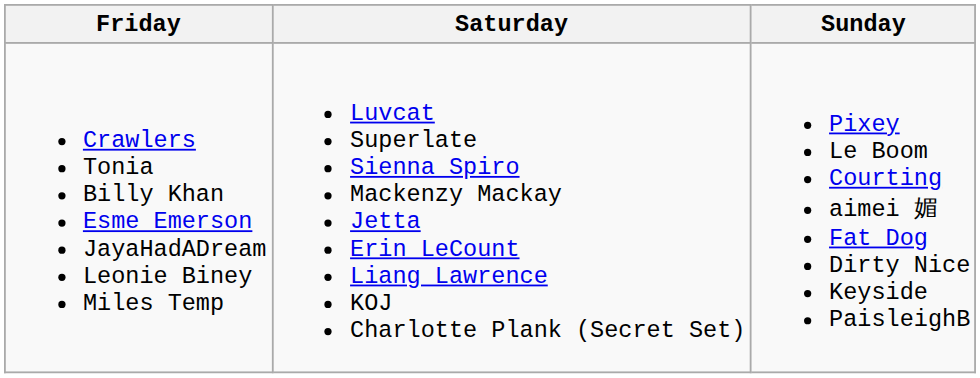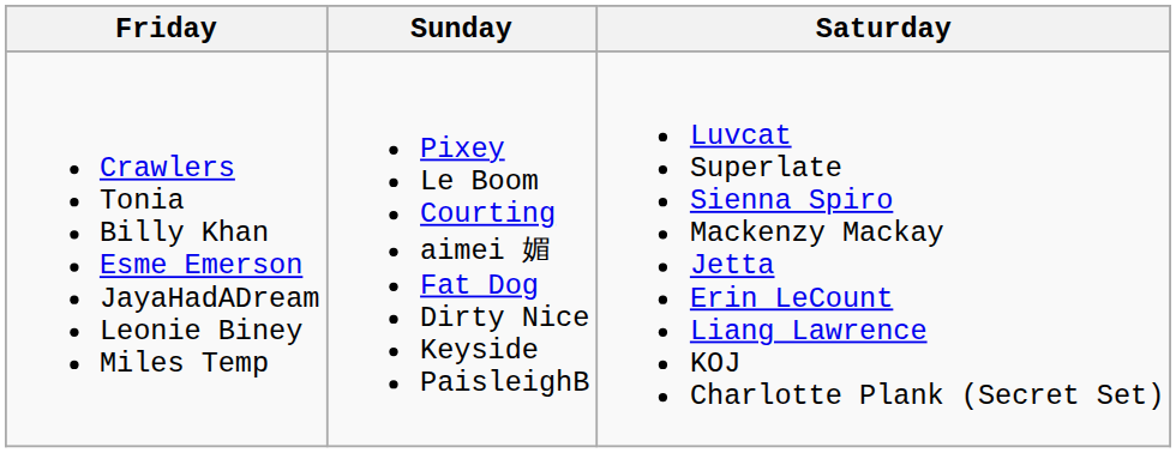 <table class="wikitable">
 <tr>
 <th>Friday</th>
+<th>Sunday</th>
 <th>Saturday</th>
-<th>Sunday</th>
 </tr>
 <tr>
 <td><br><ul><li><a href='#'>Crawlers</a></li><li>Tonia</li><li>Billy Khan</li><li><a href='#'>Esme Emerson</a></li><li>JayaHadADream</li><li>Leonie Biney</li><li>Miles Temp</li></ul></td>
+<td><br><ul><li><a href='#'>Pixey</a></li><li>Le Boom</li><li><a href='#'>Courting</a></li><li>aimei 媚</li><li><a href='#'>Fat Dog</a></li><li>Dirty Nice</li><li>Keyside</li><li>PaisleighB</li></ul></td>
 <td><br><ul><li><a href='#'>Luvcat</a></li><li>Superlate</li><li><a href='#'>Sienna Spiro</a></li><li>Mackenzy Mackay</li><li><a href='#'>Jetta</a></li><li><a href='#'>Erin LeCount</a></li><li><a href='#'>Liang Lawrence</a></li><li>KOJ</li><li>Charlotte Plank (Secret Set)</li></ul></td>
-<td><br><ul><li><a href='#'>Pixey</a></li><li>Le Boom</li><li><a href='#'>Courting</a></li><li>aimei 媚</li><li><a href='#'>Fat Dog</a></li><li>Dirty Nice</li><li>Keyside</li><li>PaisleighB</li></ul></td>
 </tr>
 </table>
